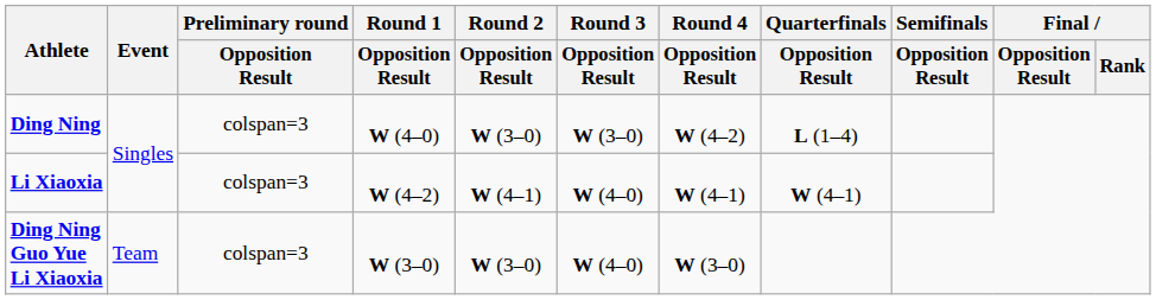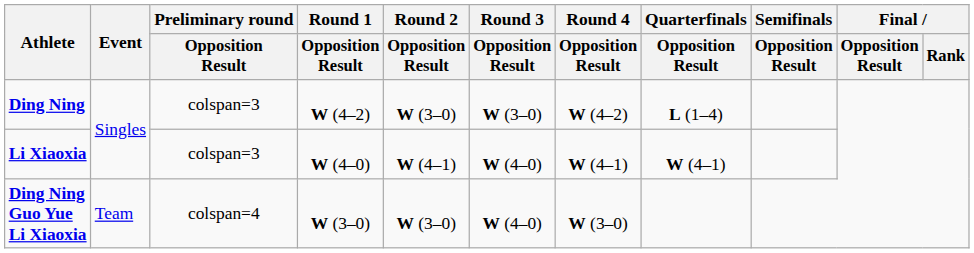 <table class="wikitable" style="font-size:90%">
 <tr>
 <th rowspan=2>Athlete</th>
 <th rowspan=2>Event</th>
 <th>Preliminary round</th>
 <th>Round 1</th>
 <th>Round 2</th>
 <th>Round 3</th>
 <th>Round 4</th>
 <th>Quarterfinals</th>
 <th>Semifinals</th>
 <th colspan=2>Final / </th>
 </tr>
 <tr style="font-size:95%">
 <th>Opposition<br>Result</th>
 <th>Opposition<br>Result</th>
 <th>Opposition<br>Result</th>
 <th>Opposition<br>Result</th>
 <th>Opposition<br>Result</th>
 <th>Opposition<br>Result</th>
 <th>Opposition<br>Result</th>
 <th>Opposition<br>Result</th>
 <th>Rank</th>
 </tr>
 <tr align=center>
 <td align=left><strong><a href='#'>Ding Ning</a></strong></td>
 <td align=left rowspan=2><a href='#'>Singles</a></td>
 <td>colspan=3 </td>
-<td><br><strong>W</strong> (4–0)</td>
+<td><br><strong>W</strong> (4–2)</td>
 <td><br><strong>W</strong> (3–0)</td>
 <td><br><strong>W</strong> (3–0)</td>
 <td><br><strong>W</strong> (4–2)</td>
 <td><br><strong>L</strong> (1–4)</td>
 <td></td>
 </tr>
 <tr align=center>
 <td align=left><strong><a href='#'>Li Xiaoxia</a></strong></td>
 <td>colspan=3 </td>
-<td><br><strong>W</strong> (4–2)</td>
+<td><br><strong>W</strong> (4–0)</td>
 <td><br><strong>W</strong> (4–1)</td>
 <td><br><strong>W</strong> (4–0)</td>
 <td><br><strong>W</strong> (4–1)</td>
 <td><br><strong>W</strong> (4–1)</td>
 <td></td>
 </tr>
 <tr align=center>
 <td align=left><strong><a href='#'>Ding Ning</a><br><a href='#'>Guo Yue</a><br><a href='#'>Li Xiaoxia</a></strong></td>
 <td align=left><a href='#'>Team</a></td>
-<td>colspan=3 </td>
+<td>colspan=4 </td>
 <td><br><strong>W</strong> (3–0)</td>
 <td><br><strong>W</strong> (3–0)</td>
 <td><br><strong>W</strong> (4–0)</td>
 <td><br><strong>W</strong> (3–0)</td>
 <td></td>
 </tr>
 </table>
